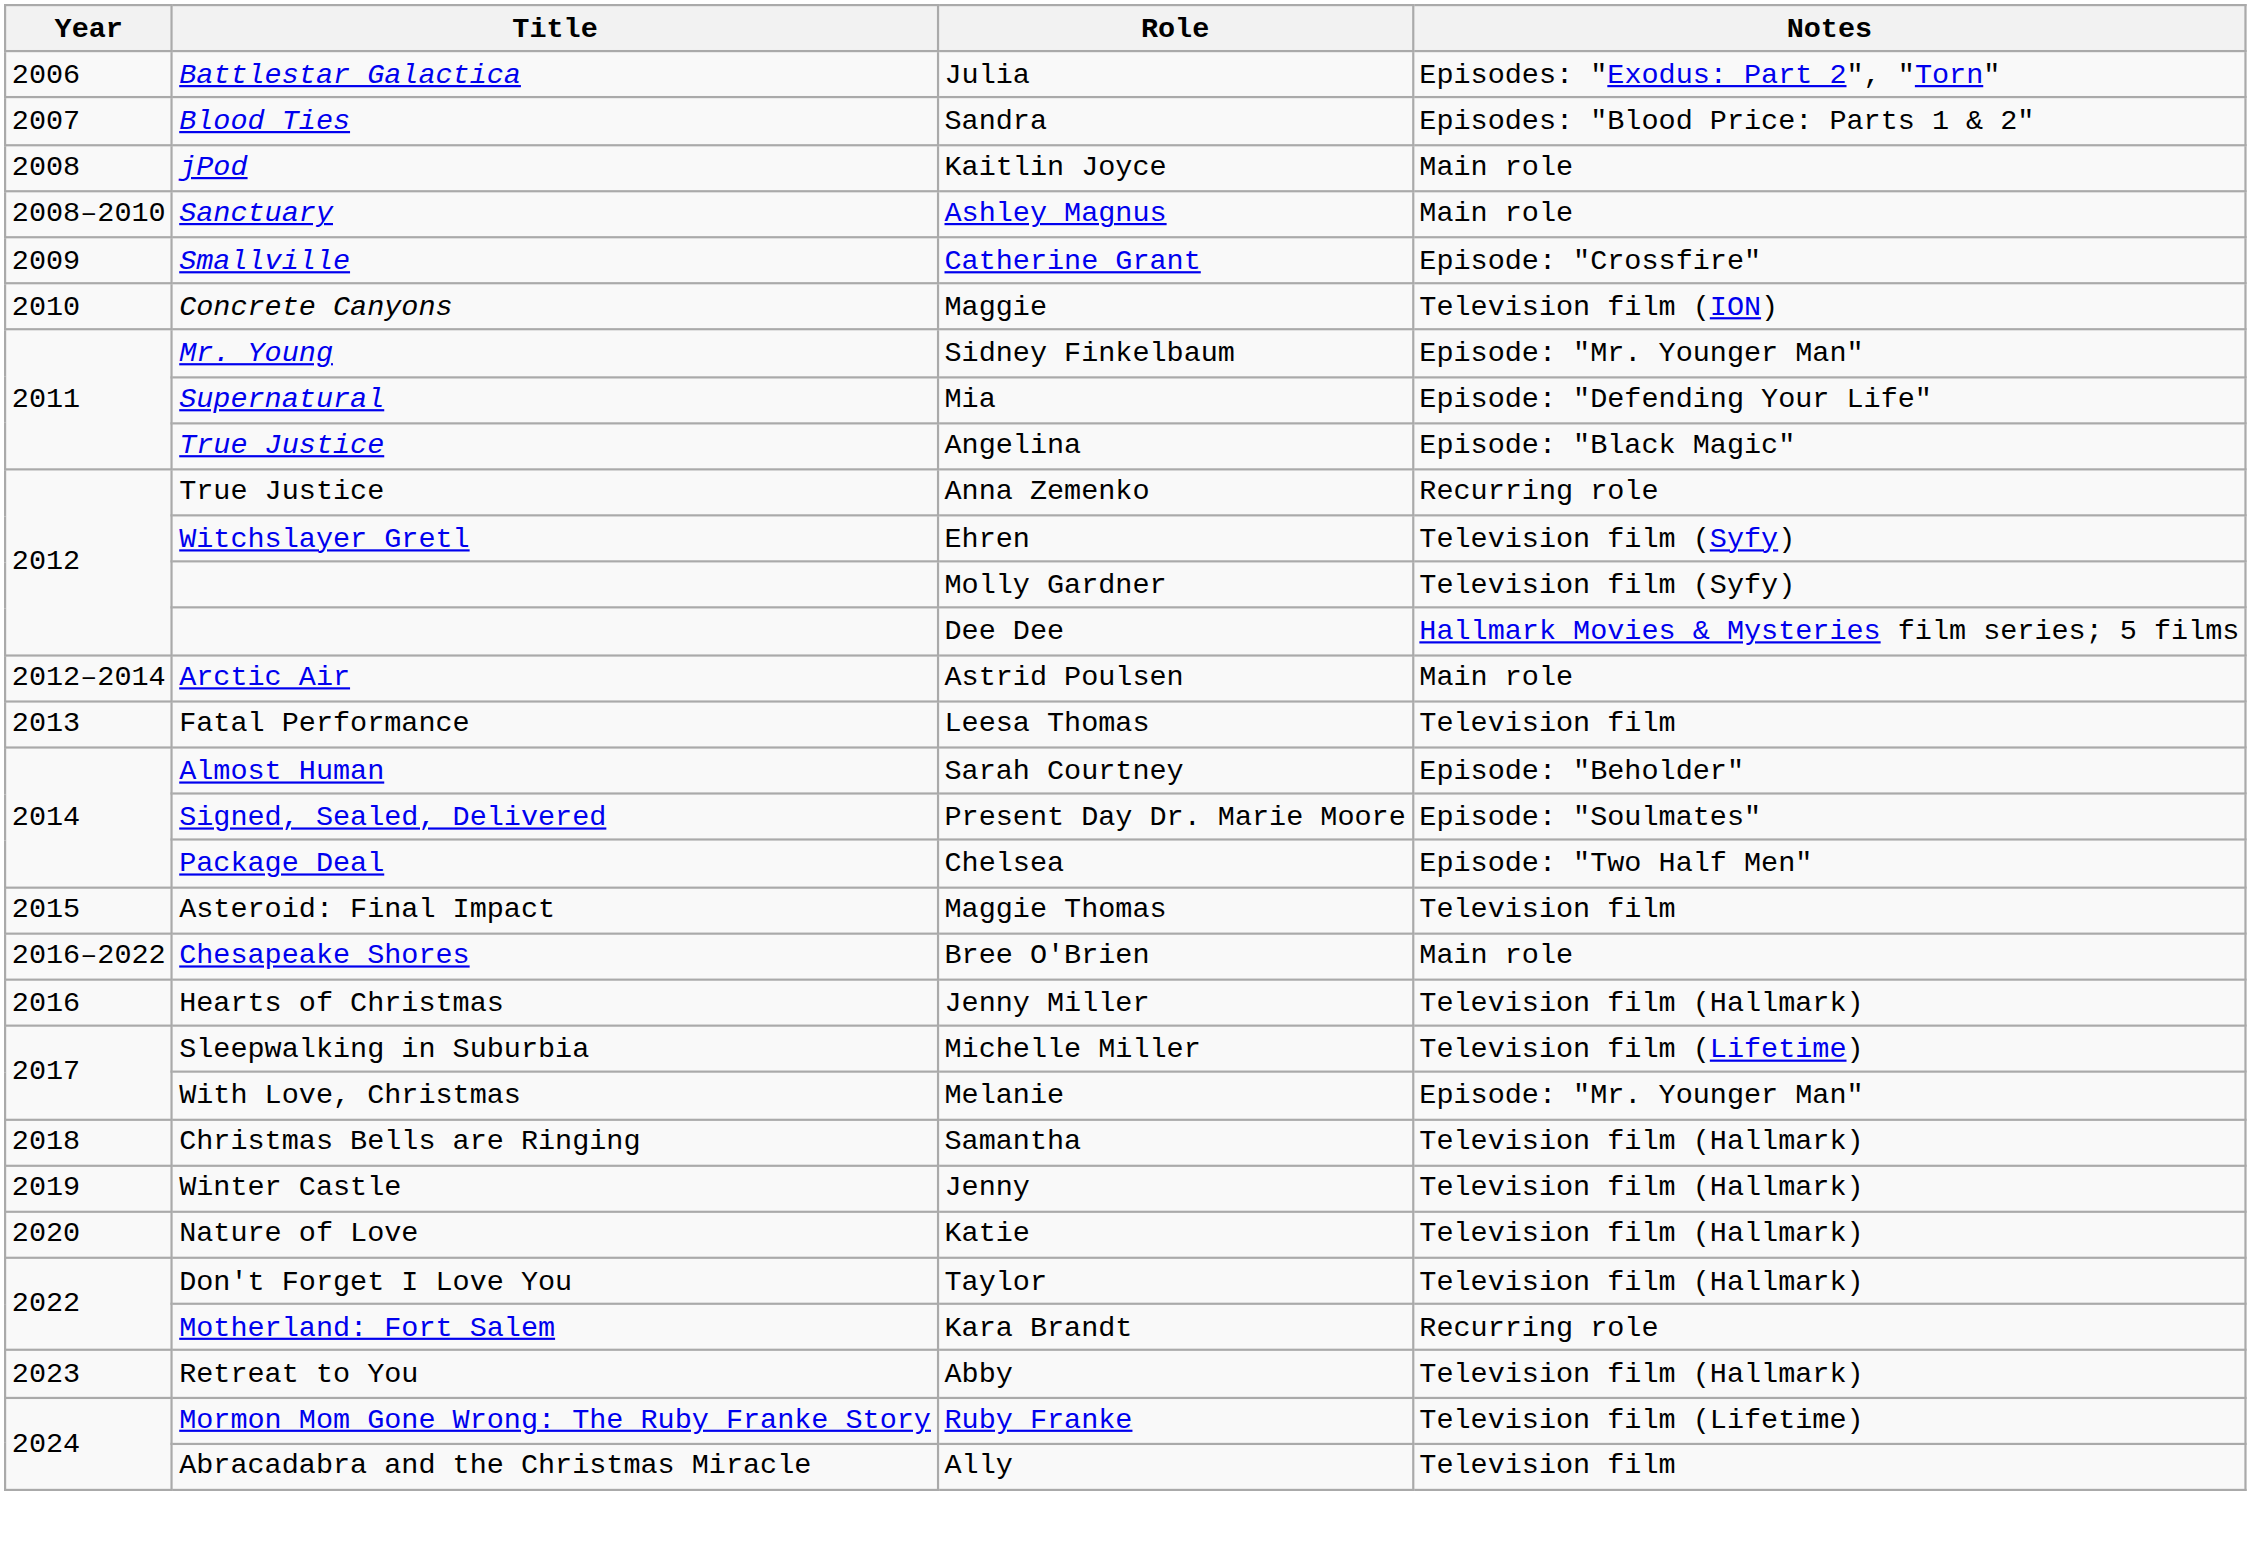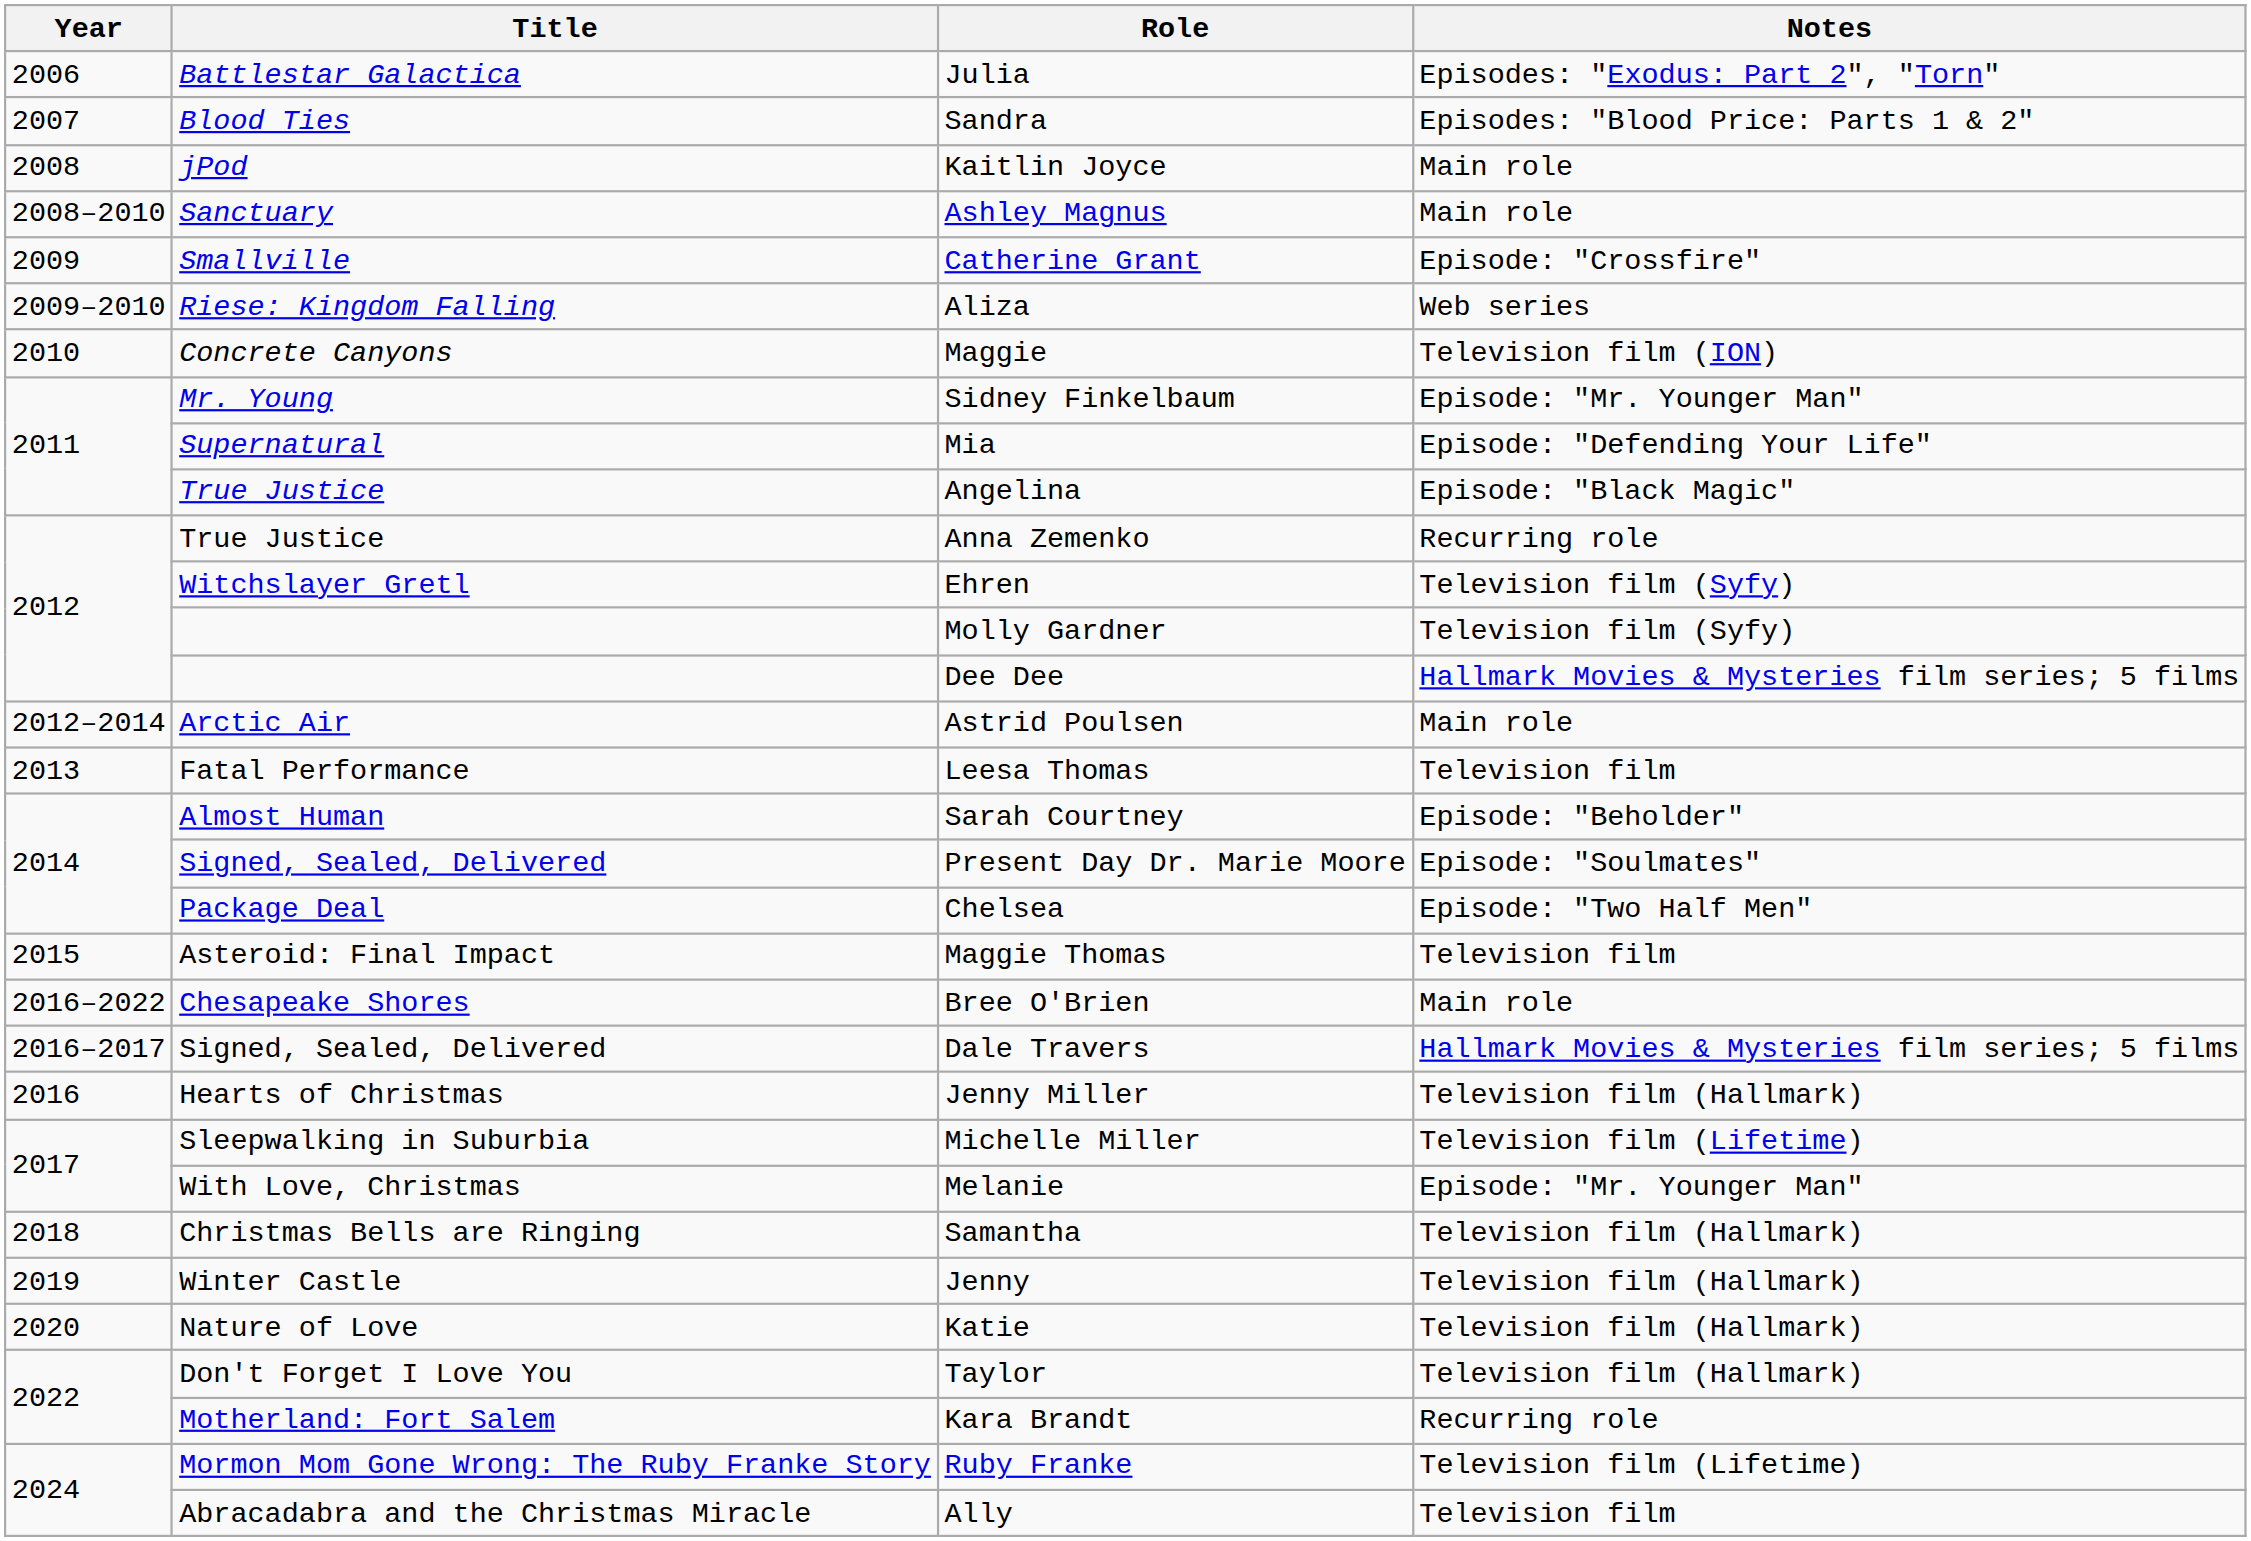 <table class="wikitable sortable">
 <tr>
 <th>Year</th>
 <th>Title</th>
 <th>Role</th>
 <th class="unsortable">Notes</th>
 </tr>
 <tr>
 <td>2006</td>
 <td><em><a href='#'>Battlestar Galactica</a></em></td>
 <td>Julia</td>
 <td>Episodes: "<a href='#'>Exodus: Part 2</a>", "<a href='#'>Torn</a>"</td>
 </tr>
 <tr>
 <td>2007</td>
 <td><em><a href='#'>Blood Ties</a></em></td>
 <td>Sandra</td>
 <td>Episodes: "Blood Price: Parts 1 & 2"</td>
 </tr>
 <tr>
 <td>2008</td>
 <td><em><a href='#'>jPod</a></em></td>
 <td>Kaitlin Joyce</td>
 <td>Main role</td>
 </tr>
 <tr>
 <td>2008–2010</td>
 <td><em><a href='#'>Sanctuary</a></em></td>
 <td><a href='#'>Ashley Magnus</a></td>
 <td>Main role</td>
 </tr>
 <tr>
 <td>2009</td>
 <td><em><a href='#'>Smallville</a></em></td>
 <td><a href='#'>Catherine Grant</a></td>
 <td>Episode: "Crossfire"</td>
+</tr>
+<tr>
+<td>2009–2010</td>
+<td><em><a href='#'>Riese: Kingdom Falling</a></em></td>
+<td>Aliza</td>
+<td>Web series</td>
 </tr>
 <tr>
 <td>2010</td>
 <td><em>Concrete Canyons</em></td>
 <td>Maggie</td>
 <td>Television film (<a href='#'>ION</a>)</td>
 </tr>
 <tr>
 <td rowspan="3">2011</td>
 <td><em><a href='#'>Mr. Young</a></em></td>
 <td>Sidney Finkelbaum</td>
 <td>Episode: "Mr. Younger Man"</td>
 </tr>
 <tr>
 <td><em><a href='#'>Supernatural</a></em></td>
 <td>Mia</td>
 <td>Episode: "Defending Your Life"</td>
 </tr>
 <tr>
 <td><em><a href='#'>True Justice</a></td>
 <td>Angelina</td>
 <td>Episode: "Black Magic"</td>
 </tr>
 <tr>
 <td rowspan="4">2012</td>
 <td></em>True Justice<em></td>
 <td>Anna Zemenko</td>
 <td>Recurring role</td>
 </tr>
 <tr>
 <td></em><a href='#'>Witchslayer Gretl</a><em></td>
 <td>Ehren</td>
 <td>Television film (<a href='#'>Syfy</a>)</td>
 </tr>
 <tr>
 <td></em><em></td>
 <td>Molly Gardner</td>
 <td>Television film (Syfy)</td>
 </tr>
 <tr>
 <td></em><em></td>
 <td>Dee Dee</td>
 <td><a href='#'>Hallmark Movies & Mysteries</a> film series; 5 films</td>
 </tr>
 <tr>
 <td>2012–2014</td>
 <td></em><a href='#'>Arctic Air</a><em></td>
 <td>Astrid Poulsen</td>
 <td>Main role</td>
 </tr>
 <tr>
 <td>2013</td>
 <td></em>Fatal Performance<em></td>
 <td>Leesa Thomas</td>
 <td>Television film</td>
 </tr>
 <tr>
 <td rowspan="3'">2014</td>
 <td></em><a href='#'>Almost Human</a><em></td>
 <td>Sarah Courtney</td>
 <td>Episode: "Beholder"</td>
 </tr>
 <tr>
 <td></em><a href='#'>Signed, Sealed, Delivered</a><em></td>
 <td>Present Day Dr. Marie Moore</td>
 <td>Episode: "Soulmates"</td>
 </tr>
 <tr>
 <td></em><a href='#'>Package Deal</a><em></td>
 <td>Chelsea</td>
 <td>Episode: "Two Half Men"</td>
 </tr>
 <tr>
 <td>2015</td>
 <td></em>Asteroid: Final Impact<em></td>
 <td>Maggie Thomas</td>
 <td>Television film</td>
 </tr>
 <tr>
 <td>2016–2022</td>
 <td></em><a href='#'>Chesapeake Shores</a><em></td>
 <td>Bree O'Brien</td>
 <td>Main role</td>
 </tr>
 <tr>
+<td>2016–2017</td>
+<td></em>Signed, Sealed, Delivered<em></td>
+<td>Dale Travers</td>
+<td><a href='#'>Hallmark Movies & Mysteries</a> film series; 5 films</td>
+</tr>
+<tr>
 <td>2016</td>
 <td></em>Hearts of Christmas<em></td>
 <td>Jenny Miller</td>
 <td>Television film (Hallmark)</td>
 </tr>
 <tr>
 <td rowspan="2">2017</td>
 <td></em>Sleepwalking in Suburbia<em></td>
 <td>Michelle Miller</td>
 <td>Television film (<a href='#'>Lifetime</a>)</td>
 </tr>
 <tr>
 <td></em>With Love, Christmas<em></td>
 <td>Melanie</td>
 <td>Episode: "Mr. Younger Man"</td>
 </tr>
 <tr>
 <td>2018</td>
 <td></em>Christmas Bells are Ringing<em></td>
 <td>Samantha</td>
 <td>Television film (Hallmark)</td>
 </tr>
 <tr>
 <td>2019</td>
 <td></em>Winter Castle<em></td>
 <td>Jenny</td>
 <td>Television film (Hallmark)</td>
 </tr>
 <tr>
 <td>2020</td>
 <td></em>Nature of Love<em></td>
 <td>Katie</td>
 <td>Television film (Hallmark)</td>
 </tr>
 <tr>
 <td rowspan="2">2022</td>
 <td></em>Don't Forget I Love You<em></td>
 <td>Taylor</td>
 <td>Television film (Hallmark)</td>
 </tr>
 <tr>
 <td></em><a href='#'>Motherland: Fort Salem</a><em></td>
 <td>Kara Brandt</td>
 <td>Recurring role</td>
 </tr>
 <tr>
-<td>2023</td>
-<td></em>Retreat to You<em></td>
-<td>Abby</td>
-<td>Television film (Hallmark)</td>
-</tr>
-<tr>
 <td rowspan="2">2024</td>
 <td></em><a href='#'>Mormon Mom Gone Wrong: The Ruby Franke Story</a><em></td>
 <td><a href='#'>Ruby Franke</a></td>
 <td>Television film (Lifetime)</td>
 </tr>
 <tr>
 <td></em>Abracadabra and the Christmas Miracle<em></td>
 <td>Ally</td>
 <td>Television film</td>
 </tr>
 </table>
